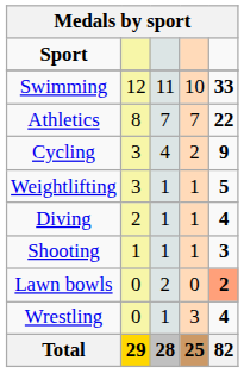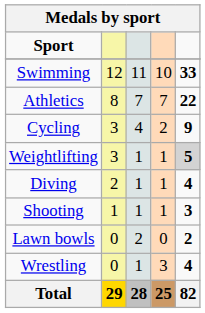 <table class="wikitable" style="font-size:85%; float:right">
 <tr style="background:#efefef;">
 <th colspan=7><strong>Medals by sport</strong></th>
 </tr>
 <tr align=center>
 <td><strong>Sport</strong></td>
 <td bgcolor=#f7f6a8></td>
 <td bgcolor=#dce5e5></td>
 <td bgcolor=#ffdab9></td>
 <td></td>
 </tr>
 <tr>
 </tr>
 <tr align=center>
 <td><a href='#'>Swimming</a></td>
 <td style="Background:#F7F6A8;">12</td>
 <td style="background:#DCE5E5;">11</td>
 <td style="background:#FFDAB9;">10</td>
 <td><strong>33</strong></td>
 </tr>
 <tr align=center>
 <td><a href='#'>Athletics</a></td>
 <td style="Background:#F7F6A8;">8</td>
 <td style="background:#DCE5E5;">7</td>
 <td style="background:#FFDAB9;">7</td>
 <td><strong>22</strong></td>
 </tr>
 <tr align=center>
 <td><a href='#'>Cycling</a></td>
 <td style="Background:#F7F6A8;">3</td>
 <td style="background:#DCE5E5;">4</td>
 <td style="background:#FFDAB9;">2</td>
 <td><strong>9</strong></td>
 </tr>
 <tr align=center>
 <td><a href='#'>Weightlifting</a></td>
 <td style="Background:#F7F6A8;">3</td>
 <td style="background:#DCE5E5;">1</td>
 <td style="background:#FFDAB9;">1</td>
-<td><strong>5</strong></td>
+<td style="background: lightgrey;"><strong>5</strong></td>
 </tr>
 <tr align=center>
 <td><a href='#'>Diving</a></td>
 <td style="Background:#F7F6A8;">2</td>
 <td style="background:#DCE5E5;">1</td>
 <td style="background:#FFDAB9;">1</td>
 <td><strong>4</strong></td>
 </tr>
 <tr align=center>
 <td><a href='#'>Shooting</a></td>
 <td style="Background:#F7F6A8;">1</td>
 <td style="background:#DCE5E5;">1</td>
 <td style="background:#FFDAB9;">1</td>
 <td><strong>3</strong></td>
 </tr>
 <tr align=center>
 <td><a href='#'>Lawn bowls</a></td>
 <td style="Background:#F7F6A8;">0</td>
 <td style="background:#DCE5E5;">2</td>
 <td style="background:#FFDAB9;">0</td>
-<td style="background: lightsalmon;"><strong>2</strong></td>
+<td><strong>2</strong></td>
 </tr>
 <tr align=center>
 <td><a href='#'>Wrestling</a></td>
 <td style="Background:#F7F6A8;">0</td>
 <td style="background:#DCE5E5;">1</td>
 <td style="background:#FFDAB9;">3</td>
 <td><strong>4</strong></td>
 </tr>
 <tr align=center>
 <th>Total</th>
 <th style="background:gold;">29</th>
 <th style="background:silver;">28</th>
 <th style="background:#c96;">25</th>
 <th>82</th>
 </tr>
 </table>
